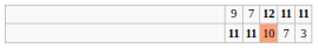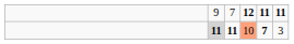 <table class="wikitable">
 <tr>
 <td style="width:18em"></td>
 <td align=center style="width:1em">9</td>
 <td align=center style="width:1em">7</td>
 <td align=center style="width:1em"><strong>12</strong></td>
 <td align=center style="width:1em"><strong>11</strong></td>
 <td align=center style="width:1em"><strong>11</strong></td>
 </tr>
 <tr>
 <td style="width:18em"></td>
-<td align=center style="width:1em"><strong>11</strong></td>
+<td align=center style="background: lightgrey; width:1em"><strong>11</strong></td>
 <td align=center style="width:1em"><strong>11</strong></td>
 <td align=center style="background: lightsalmon; width:1em">10</td>
-<td align=center style="width:1em">7</td>
+<td align=center style="width:1em"><strong>7</strong></td>
 <td align=center style="width:1em">3</td>
 </tr>
 </table>
